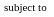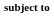 <table>
 <tr>
 <td colspan="2"></td>
 <td></td>
 </tr>
 <tr>
-<td>subject to</td>
+<td><strong>subject to</strong></td>
 <td></td>
 </tr>
 <tr>
 <td></td>
 <td></td>
 <td></td>
 </tr>
 <tr>
 <td></td>
 <td></td>
 <td></td>
 </tr>
 <tr>
 <td></td>
 <td></td>
 <td></td>
 </tr>
 <tr>
 <td></td>
 <td></td>
 <td></td>
 </tr>
 </table>
